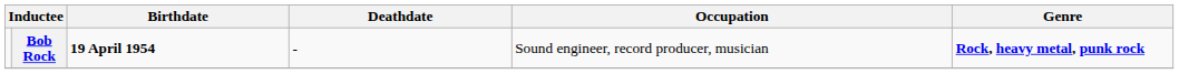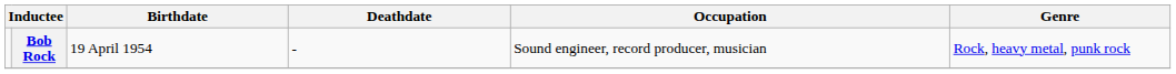 <table class="wikitable" width="100%">
 <tr>
 <th colspan=2>Inductee</th>
 <th width="20%">Birthdate</th>
 <th width="20%">Deathdate</th>
 <th width="40%">Occupation</th>
 <th width="40%">Genre</th>
 </tr>
 <tr>
 <td></td>
 <th><a href='#'>Bob Rock</a></th>
-<td><strong>19 April 1954</strong></td>
+<td>19 April 1954</td>
 <td>-</td>
 <td>Sound engineer, record producer, musician</td>
-<td><strong><a href='#'>Rock</a>, <a href='#'>heavy metal</a>, <a href='#'>punk rock</a></strong></td>
+<td><a href='#'>Rock</a>, <a href='#'>heavy metal</a>, <a href='#'>punk rock</a></td>
 </tr>
 <tr>
 </tr>
 </table>
